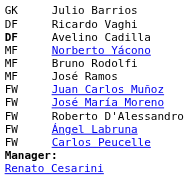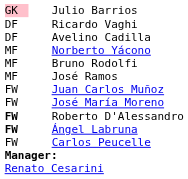 <table style="font-size:90%; margin:0.2em auto;" cellspacing="0" cellpadding="0">
 <tr>
 <th width="25"></th>
 <th width="25"></th>
 </tr>
 <tr>
-<td>GK</td>
+<td style="background: pink;">GK</td>
 <td></td>
 <td> Julio Barrios</td>
 </tr>
 <tr>
 <td>DF</td>
 <td></td>
 <td> Ricardo Vaghi</td>
 </tr>
 <tr>
-<td><strong>DF</strong></td>
+<td>DF</td>
 <td></td>
 <td> Avelino Cadilla</td>
 </tr>
 <tr>
 <td>MF</td>
 <td></td>
 <td> <a href='#'>Norberto Yácono</a></td>
 </tr>
 <tr>
 <td>MF</td>
 <td></td>
 <td> Bruno Rodolfi</td>
 </tr>
 <tr>
 <td>MF</td>
 <td></td>
 <td> José Ramos</td>
 </tr>
 <tr>
 <td>FW</td>
 <td></td>
 <td> <a href='#'>Juan Carlos Muñoz</a></td>
 </tr>
 <tr>
 <td>FW</td>
 <td></td>
 <td> <a href='#'>José María Moreno</a></td>
 </tr>
 <tr>
-<td>FW</td>
+<td><strong>FW</strong></td>
 <td></td>
 <td> Roberto D'Alessandro</td>
 </tr>
 <tr>
-<td>FW</td>
+<td><strong>FW</strong></td>
 <td></td>
 <td> <a href='#'>Ángel Labruna</a></td>
 </tr>
 <tr>
 <td>FW</td>
 <td></td>
 <td> <a href='#'>Carlos Peucelle</a></td>
 </tr>
 <tr>
 <td colspan=4><strong>Manager:</strong></td>
 </tr>
 <tr>
 <td colspan="4"> <a href='#'>Renato Cesarini</a></td>
 </tr>
 </table>
